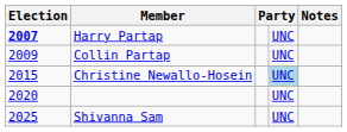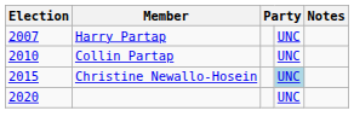 <table class="wikitable sortable">
 <tr>
 <th>Election</th>
 <th>Member</th>
 <th colspan="2">Party</th>
 <th>Notes</th>
 </tr>
 <tr>
-<td><strong><a href='#'>2007</a></strong></td>
+<td><a href='#'>2007</a></td>
 <td><a href='#'>Harry Partap</a></td>
 <td style="background:"> </td>
 <td><a href='#'>UNC</a></td>
 <td></td>
 </tr>
 <tr>
-<td><a href='#'>2009</a></td>
+<td><a href='#'>2010</a></td>
 <td><a href='#'>Collin Partap</a></td>
 <td style="background:"> </td>
 <td><a href='#'>UNC</a></td>
 <td></td>
 </tr>
 <tr>
 <td><a href='#'>2015</a></td>
 <td><a href='#'>Christine Newallo-Hosein</a></td>
 <td style="background:"> </td>
 <td style="background: lightblue;"><a href='#'>UNC</a></td>
 <td></td>
 </tr>
 <tr>
 <td><a href='#'>2020</a></td>
 <td></td>
 <td style="background:"> </td>
 <td><a href='#'>UNC</a></td>
 <td></td>
 </tr>
-<tr>
-<td><a href='#'>2025</a></td>
-<td><a href='#'>Shivanna Sam</a></td>
-<td style="background:"> </td>
-<td><a href='#'>UNC</a></td>
-<td></td>
-</tr>
 </table>
